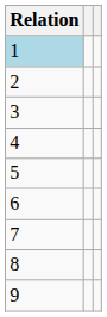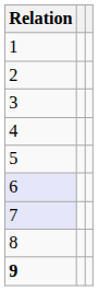 <table class="wikitable">
 <tr>
 <th>Relation</th>
 <th></th>
 <th></th>
 </tr>
 <tr>
-<td style="background: lightblue;">1</td>
+<td>1</td>
 <td></td>
 <td></td>
 </tr>
 <tr>
 <td>2</td>
 <td></td>
 <td></td>
 </tr>
 <tr>
 <td>3</td>
 <td></td>
 <td></td>
 </tr>
 <tr>
 <td>4</td>
 <td></td>
 <td></td>
 </tr>
 <tr>
 <td>5</td>
 <td></td>
 <td></td>
 </tr>
 <tr>
-<td>6</td>
+<td style="background: lavender;">6</td>
 <td></td>
 <td></td>
 </tr>
 <tr>
-<td>7</td>
+<td style="background: lavender;">7</td>
 <td></td>
 <td></td>
 </tr>
 <tr>
 <td>8</td>
 <td></td>
 <td></td>
 </tr>
 <tr>
-<td>9</td>
+<td><strong>9</strong></td>
 <td></td>
 <td></td>
 </tr>
 </table>
